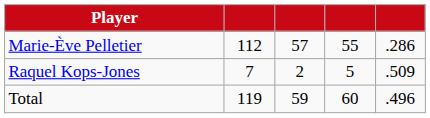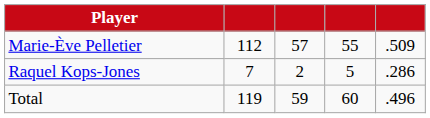 <table class="wikitable" style="text-align:center">
 <tr>
 <th style="background:#C80815; color:white" width="200px">Player</th>
 <th style="background:#C80815; color:white" width="40px"></th>
 <th style="background:#C80815; color:white" width="40px"></th>
 <th style="background:#C80815; color:white" width="40px"></th>
 <th style="background:#C80815; color:white" width="40px"></th>
 </tr>
 <tr>
 <td style="text-align:left"><a href='#'>Marie-Ève Pelletier</a></td>
 <td>112</td>
 <td>57</td>
 <td>55</td>
-<td>.286</td>
+<td>.509</td>
 </tr>
 <tr>
 <td style="text-align:left"><a href='#'>Raquel Kops-Jones</a></td>
 <td>7</td>
 <td>2</td>
 <td>5</td>
-<td>.509</td>
+<td>.286</td>
 </tr>
 <tr>
 <td style="text-align:left">Total</td>
 <td>119</td>
 <td>59</td>
 <td>60</td>
 <td>.496</td>
 </tr>
 </table>
